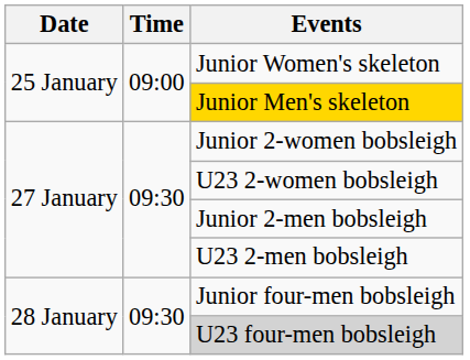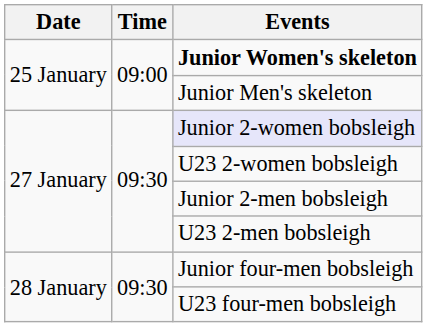 <table class="wikitable" border="1">
 <tr>
 <th>Date</th>
 <th>Time</th>
 <th>Events</th>
 </tr>
 <tr>
 <td rowspan=2>25 January</td>
 <td rowspan=2>09:00</td>
-<td>Junior Women's skeleton</td>
+<td><strong>Junior Women's skeleton</strong></td>
 </tr>
 <tr>
-<td style="background: gold;">Junior Men's skeleton</td>
+<td>Junior Men's skeleton</td>
 </tr>
 <tr>
 <td rowspan=4>27 January</td>
 <td rowspan=4>09:30</td>
-<td>Junior 2-women bobsleigh</td>
+<td style="background: lavender;">Junior 2-women bobsleigh</td>
 </tr>
 <tr>
 <td>U23 2-women bobsleigh</td>
 </tr>
 <tr>
 <td>Junior 2-men bobsleigh</td>
 </tr>
 <tr>
 <td>U23 2-men bobsleigh</td>
 </tr>
 <tr>
 <td rowspan=2>28 January</td>
 <td rowspan=2>09:30</td>
 <td>Junior four-men bobsleigh</td>
 </tr>
 <tr>
-<td style="background: lightgrey;">U23 four-men bobsleigh</td>
+<td>U23 four-men bobsleigh</td>
 </tr>
 </table>
